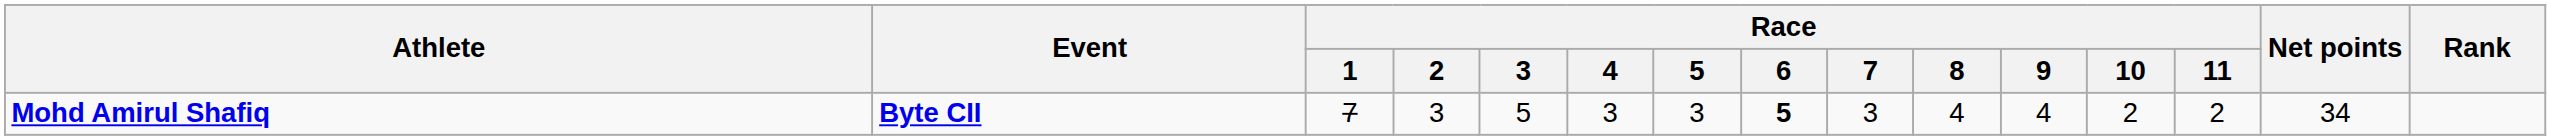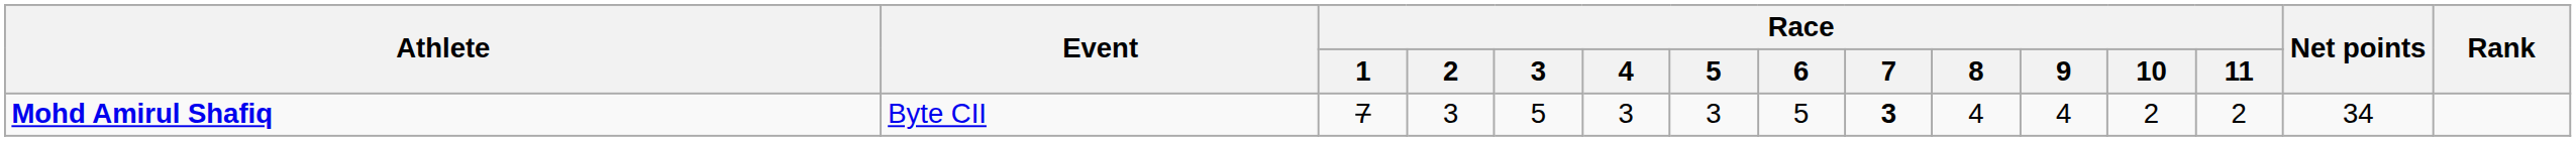 <table class="wikitable" width="84%" style="text-align:center; font-size:90%">
 <tr>
 <th rowspan="2" width="20%">Athlete</th>
 <th rowspan="2" width="10%">Event</th>
 <th colspan="11" width="48%">Race</th>
 <th rowspan="2" width="3%">Net points</th>
 <th rowspan="2" width="3%">Rank</th>
 </tr>
 <tr>
 <th width="2%">1</th>
 <th width="2%">2</th>
 <th width="2%">3</th>
 <th width="2%">4</th>
 <th width="2%">5</th>
 <th width="2%">6</th>
 <th width="2%">7</th>
 <th width="2%">8</th>
 <th width="2%">9</th>
 <th width="2%">10</th>
 <th width="2%">11</th>
 </tr>
 <tr>
 <td align="left"><strong><a href='#'>Mohd Amirul Shafiq</a></strong></td>
-<td align="left"><strong><a href='#'>Byte CII</a></strong></td>
+<td align="left"><a href='#'>Byte CII</a></td>
 <td><s>7</s></td>
 <td>3</td>
 <td>5</td>
 <td>3</td>
 <td>3</td>
-<td><strong>5</strong></td>
-<td>3</td>
+<td>5</td>
+<td><strong>3</strong></td>
 <td>4</td>
 <td>4</td>
 <td>2</td>
 <td>2</td>
 <td>34</td>
 <td></td>
 </tr>
 </table>
